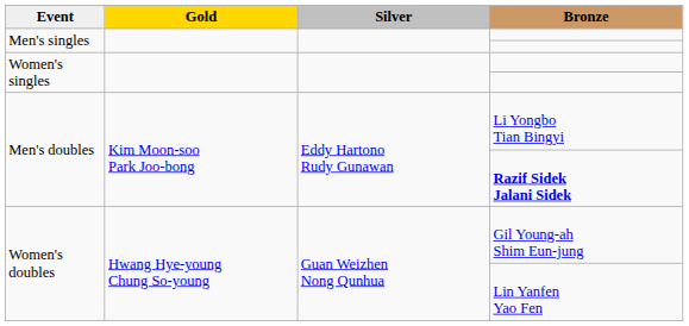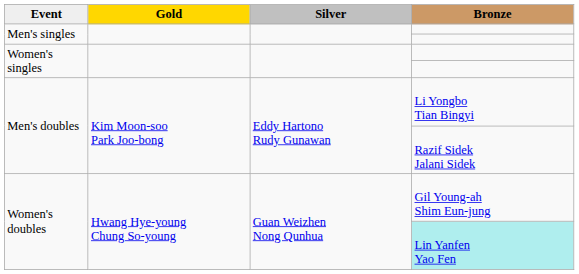 <table class="wikitable">
 <tr align=center>
 <td width=100 bgcolor=efefef><strong>Event</strong></td>
 <td width=200 bgcolor=gold><strong>Gold</strong></td>
 <td width=200 bgcolor=silver><strong>Silver</strong></td>
 <td width=200 bgcolor=cc9966><strong>Bronze</strong></td>
 </tr>
 <tr>
 <td rowspan=2>Men's singles<br></td>
 <td rowspan=2></td>
 <td rowspan=2></td>
 <td></td>
 </tr>
 <tr>
 <td></td>
 </tr>
 <tr>
 <td rowspan=2>Women's singles<br></td>
 <td rowspan=2></td>
 <td rowspan=2></td>
 <td></td>
 </tr>
 <tr>
 <td></td>
 </tr>
 <tr>
 <td rowspan=2>Men's doubles<br></td>
 <td rowspan=2><br><a href='#'>Kim Moon-soo</a><br><a href='#'>Park Joo-bong</a></td>
 <td rowspan=2><br><a href='#'>Eddy Hartono</a><br><a href='#'>Rudy Gunawan</a></td>
 <td><br><a href='#'>Li Yongbo</a><br><a href='#'>Tian Bingyi</a></td>
 </tr>
 <tr>
-<td><strong><br><a href='#'>Razif Sidek</a><br><a href='#'>Jalani Sidek</a></strong></td>
+<td><br><a href='#'>Razif Sidek</a><br><a href='#'>Jalani Sidek</a></td>
 </tr>
 <tr>
 <td rowspan=2>Women's doubles<br></td>
 <td rowspan=2><br><a href='#'>Hwang Hye-young</a><br><a href='#'>Chung So-young</a></td>
 <td rowspan=2><br><a href='#'>Guan Weizhen</a><br><a href='#'>Nong Qunhua</a></td>
 <td><br><a href='#'>Gil Young-ah</a><br><a href='#'>Shim Eun-jung</a></td>
 </tr>
 <tr>
-<td><br><a href='#'>Lin Yanfen</a><br><a href='#'>Yao Fen</a></td>
+<td style="background: paleturquoise;"><br><a href='#'>Lin Yanfen</a><br><a href='#'>Yao Fen</a></td>
 </tr>
 </table>
